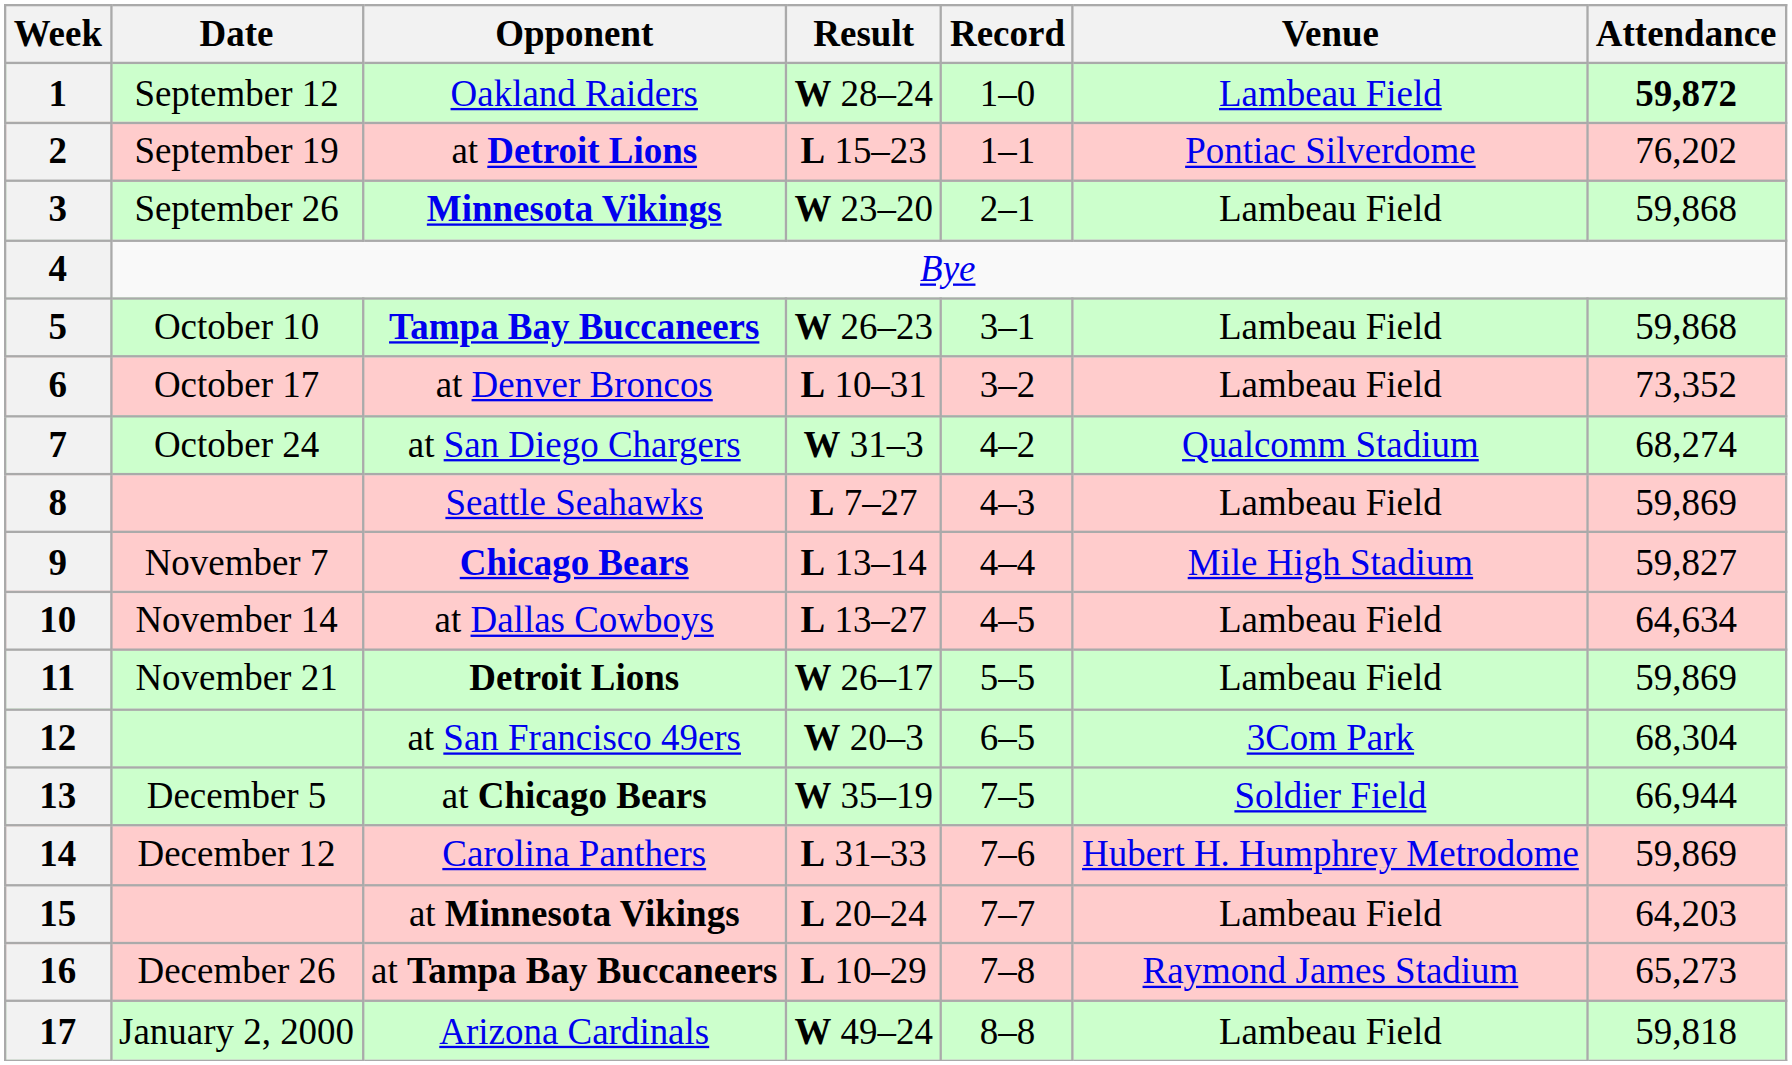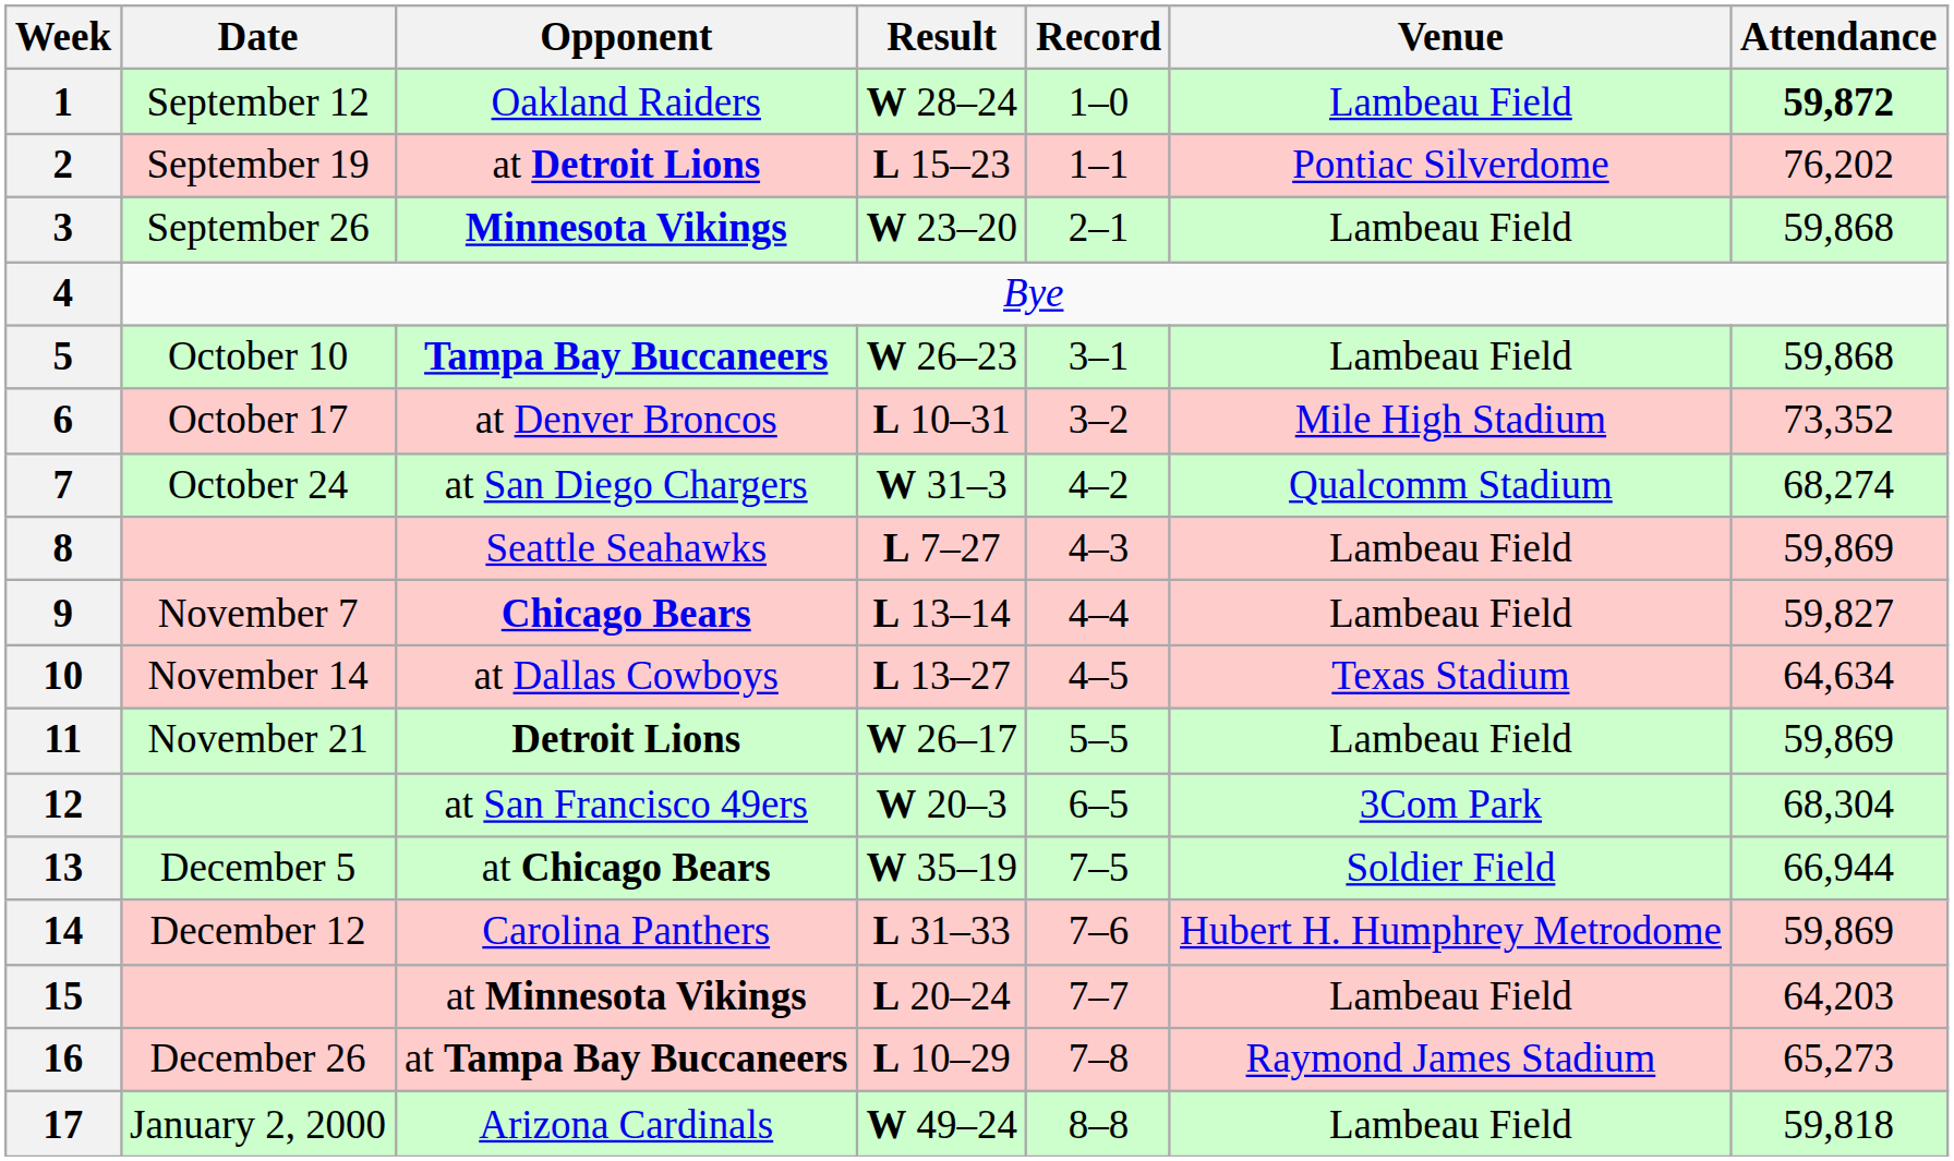 <table class="wikitable" style="text-align:center">
 <tr>
 <th>Week</th>
 <th>Date</th>
 <th>Opponent</th>
 <th>Result</th>
 <th>Record</th>
 <th>Venue</th>
 <th>Attendance</th>
 </tr>
 <tr style="background:#cfc">
 <th>1</th>
 <td>September 12</td>
 <td><a href='#'>Oakland Raiders</a></td>
 <td><strong>W</strong> 28–24</td>
 <td>1–0</td>
 <td><a href='#'>Lambeau Field</a></td>
 <td><strong>59,872</strong></td>
 </tr>
 <tr style="background:#fcc">
 <th>2</th>
 <td>September 19</td>
 <td>at <strong><a href='#'>Detroit Lions</a></strong></td>
 <td><strong>L</strong> 15–23</td>
 <td>1–1</td>
 <td><a href='#'>Pontiac Silverdome</a></td>
 <td>76,202</td>
 </tr>
 <tr style="background:#cfc">
 <th>3</th>
 <td>September 26</td>
 <td><strong><a href='#'>Minnesota Vikings</a></strong></td>
 <td><strong>W</strong> 23–20</td>
 <td>2–1</td>
 <td>Lambeau Field</td>
 <td>59,868</td>
 </tr>
 <tr>
 <th>4</th>
 <td colspan="6"><em><a href='#'>Bye</a></em></td>
 </tr>
 <tr style="background:#cfc">
 <th>5</th>
 <td>October 10</td>
 <td><strong><a href='#'>Tampa Bay Buccaneers</a></strong></td>
 <td><strong>W</strong> 26–23</td>
 <td>3–1</td>
 <td>Lambeau Field</td>
 <td>59,868</td>
 </tr>
 <tr style="background:#fcc">
 <th>6</th>
 <td>October 17</td>
 <td>at <a href='#'>Denver Broncos</a></td>
 <td><strong>L</strong> 10–31</td>
 <td>3–2</td>
-<td>Lambeau Field</td>
+<td><a href='#'>Mile High Stadium</a></td>
 <td>73,352</td>
 </tr>
 <tr style="background:#cfc">
 <th>7</th>
 <td>October 24</td>
 <td>at <a href='#'>San Diego Chargers</a></td>
 <td><strong>W</strong> 31–3</td>
 <td>4–2</td>
 <td><a href='#'>Qualcomm Stadium</a></td>
 <td>68,274</td>
 </tr>
 <tr style="background:#fcc">
 <th>8</th>
 <td></td>
 <td><a href='#'>Seattle Seahawks</a></td>
 <td><strong>L</strong> 7–27</td>
 <td>4–3</td>
 <td>Lambeau Field</td>
 <td>59,869</td>
 </tr>
 <tr style="background:#fcc">
 <th>9</th>
 <td>November 7</td>
 <td><strong><a href='#'>Chicago Bears</a></strong></td>
 <td><strong>L</strong> 13–14</td>
 <td>4–4</td>
-<td><a href='#'>Mile High Stadium</a></td>
+<td>Lambeau Field</td>
 <td>59,827</td>
 </tr>
 <tr style="background:#fcc">
 <th>10</th>
 <td>November 14</td>
 <td>at <a href='#'>Dallas Cowboys</a></td>
 <td><strong>L</strong> 13–27</td>
 <td>4–5</td>
-<td>Lambeau Field</td>
+<td><a href='#'>Texas Stadium</a></td>
 <td>64,634</td>
 </tr>
 <tr style="background:#cfc">
 <th>11</th>
 <td>November 21</td>
 <td><strong>Detroit Lions</strong></td>
 <td><strong>W</strong> 26–17</td>
 <td>5–5</td>
 <td>Lambeau Field</td>
 <td>59,869</td>
 </tr>
 <tr style="background:#cfc">
 <th>12</th>
 <td></td>
 <td>at <a href='#'>San Francisco 49ers</a></td>
 <td><strong>W</strong> 20–3</td>
 <td>6–5</td>
 <td><a href='#'>3Com Park</a></td>
 <td>68,304</td>
 </tr>
 <tr style="background:#cfc">
 <th>13</th>
 <td>December 5</td>
 <td>at <strong>Chicago Bears</strong></td>
 <td><strong>W</strong> 35–19</td>
 <td>7–5</td>
 <td><a href='#'>Soldier Field</a></td>
 <td>66,944</td>
 </tr>
 <tr style="background:#fcc">
 <th>14</th>
 <td>December 12</td>
 <td><a href='#'>Carolina Panthers</a></td>
 <td><strong>L</strong> 31–33</td>
 <td>7–6</td>
 <td><a href='#'>Hubert H. Humphrey Metrodome</a></td>
 <td>59,869</td>
 </tr>
 <tr style="background:#fcc">
 <th>15</th>
 <td></td>
 <td>at <strong>Minnesota Vikings</strong></td>
 <td><strong>L</strong> 20–24</td>
 <td>7–7</td>
 <td>Lambeau Field</td>
 <td>64,203</td>
 </tr>
 <tr style="background:#fcc">
 <th>16</th>
 <td>December 26</td>
 <td>at <strong>Tampa Bay Buccaneers</strong></td>
 <td><strong>L</strong> 10–29</td>
 <td>7–8</td>
 <td><a href='#'>Raymond James Stadium</a></td>
 <td>65,273</td>
 </tr>
 <tr style="background:#cfc">
 <th>17</th>
 <td>January 2, 2000</td>
 <td><a href='#'>Arizona Cardinals</a></td>
 <td><strong>W</strong> 49–24</td>
 <td>8–8</td>
 <td>Lambeau Field</td>
 <td>59,818</td>
 </tr>
 </table>
